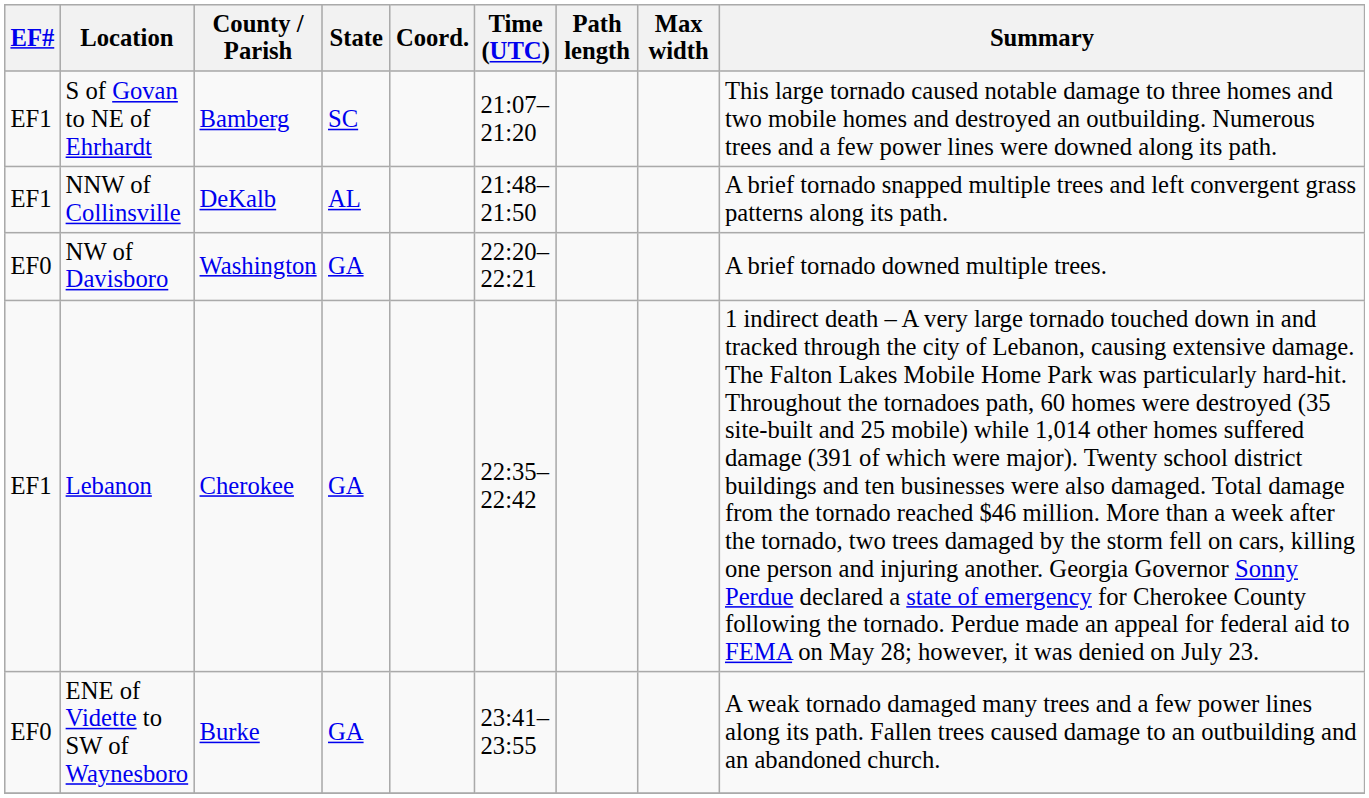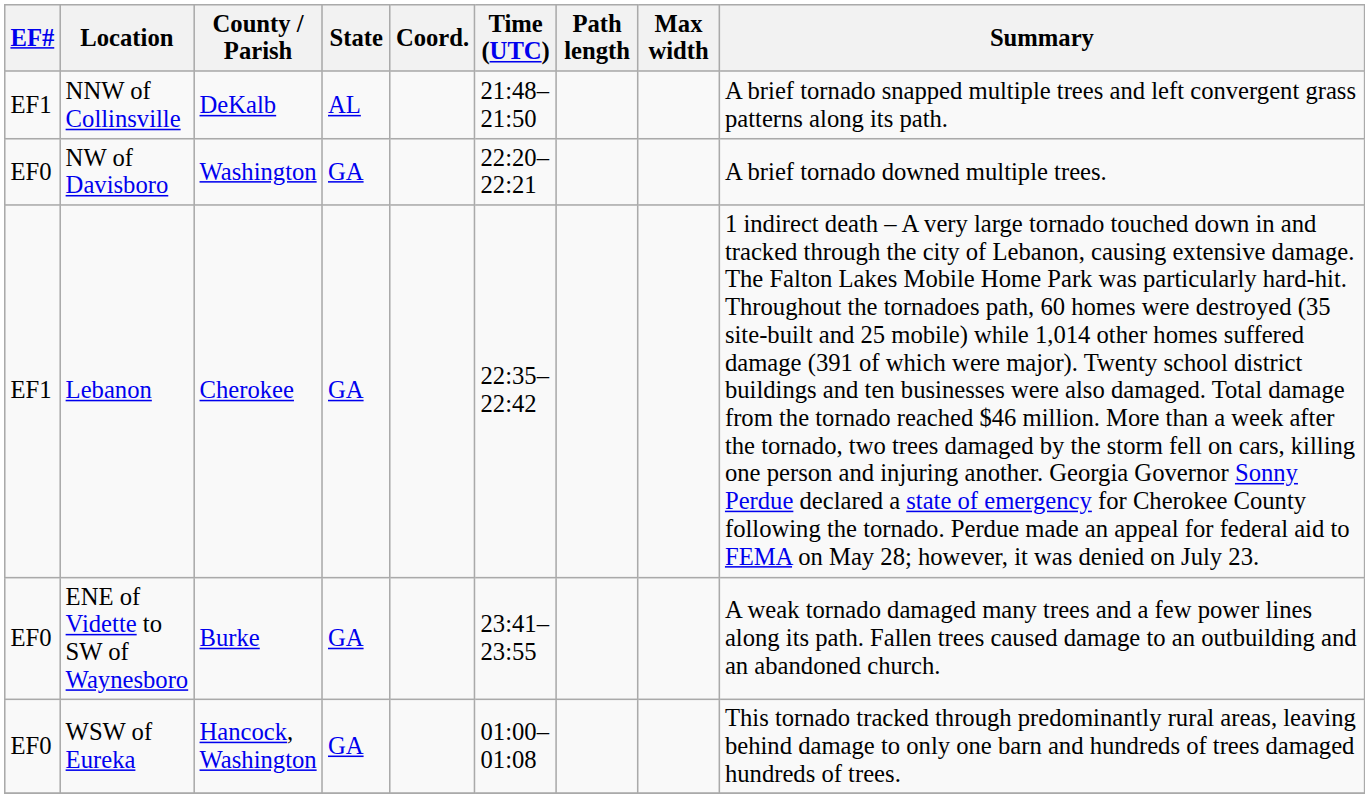 <table class="wikitable sortable" style="width:100%;">
 <tr>
 <th scope="col" width="3%" align="center"><a href='#'>EF#</a></th>
 <th scope="col" width="7%" align="center" class="unsortable">Location</th>
 <th scope="col" width="6%" align="center" class="unsortable">County / Parish</th>
 <th scope="col" width="5%" align="center">State</th>
 <th scope="col" width="6%" align="center">Coord.</th>
 <th scope="col" width="6%" align="center">Time (<a href='#'>UTC</a>)</th>
 <th scope="col" width="6%" align="center">Path length</th>
 <th scope="col" width="6%" align="center">Max width</th>
 <th scope="col" width="48%" class="unsortable" align="center">Summary</th>
-</tr>
-<tr>
-<td>EF1</td>
-<td>S of <a href='#'>Govan</a> to NE of <a href='#'>Ehrhardt</a></td>
-<td><a href='#'>Bamberg</a></td>
-<td><a href='#'>SC</a></td>
-<td></td>
-<td>21:07–21:20</td>
-<td></td>
-<td></td>
-<td>This large tornado caused notable damage to three homes and two mobile homes and destroyed an outbuilding. Numerous trees and a few power lines were downed along its path.</td>
 </tr>
 <tr>
 <td>EF1</td>
 <td>NNW of <a href='#'>Collinsville</a></td>
 <td><a href='#'>DeKalb</a></td>
 <td><a href='#'>AL</a></td>
 <td></td>
 <td>21:48–21:50</td>
 <td></td>
 <td></td>
 <td>A brief tornado snapped multiple trees and left convergent grass patterns along its path.</td>
 </tr>
 <tr>
 <td>EF0</td>
 <td>NW of <a href='#'>Davisboro</a></td>
 <td><a href='#'>Washington</a></td>
 <td><a href='#'>GA</a></td>
 <td></td>
 <td>22:20–22:21</td>
 <td></td>
 <td></td>
 <td>A brief tornado downed multiple trees.</td>
 </tr>
 <tr>
 <td>EF1</td>
 <td><a href='#'>Lebanon</a></td>
 <td><a href='#'>Cherokee</a></td>
 <td><a href='#'>GA</a></td>
 <td></td>
 <td>22:35–22:42</td>
 <td></td>
 <td></td>
 <td>1 indirect death – A very large tornado touched down in and tracked through the city of Lebanon, causing extensive damage. The Falton Lakes Mobile Home Park was particularly hard-hit. Throughout the tornadoes path, 60 homes were destroyed (35 site-built and 25 mobile) while 1,014 other homes suffered damage (391 of which were major). Twenty school district buildings and ten businesses were also damaged. Total damage from the tornado reached $46 million. More than a week after the tornado, two trees damaged by the storm fell on cars, killing one person and injuring another. Georgia Governor <a href='#'>Sonny Perdue</a> declared a <a href='#'>state of emergency</a> for Cherokee County following the tornado. Perdue made an appeal for federal aid to <a href='#'>FEMA</a> on May 28; however, it was denied on July 23.</td>
 </tr>
 <tr>
 <td>EF0</td>
 <td>ENE of <a href='#'>Vidette</a> to SW of <a href='#'>Waynesboro</a></td>
 <td><a href='#'>Burke</a></td>
 <td><a href='#'>GA</a></td>
 <td></td>
 <td>23:41–23:55</td>
 <td></td>
 <td></td>
 <td>A weak tornado damaged many trees and a few power lines along its path. Fallen trees caused damage to an outbuilding and an abandoned church.</td>
 </tr>
 <tr>
+<td>EF0</td>
+<td>WSW of <a href='#'>Eureka</a></td>
+<td><a href='#'>Hancock</a>, <a href='#'>Washington</a></td>
+<td><a href='#'>GA</a></td>
+<td></td>
+<td>01:00–01:08</td>
+<td></td>
+<td></td>
+<td>This tornado tracked through predominantly rural areas, leaving behind damage to only one barn and hundreds of trees damaged hundreds of trees.</td>
+</tr>
+<tr>
 </tr>
 </table>
